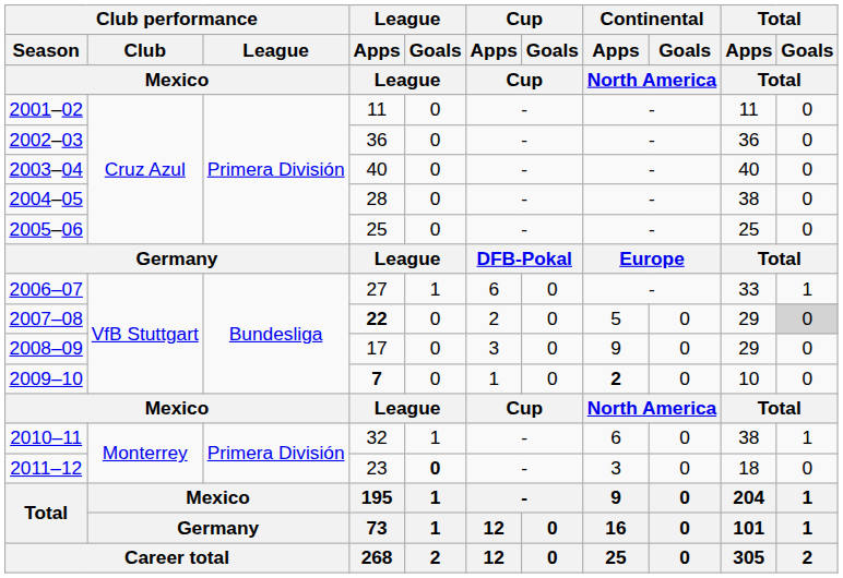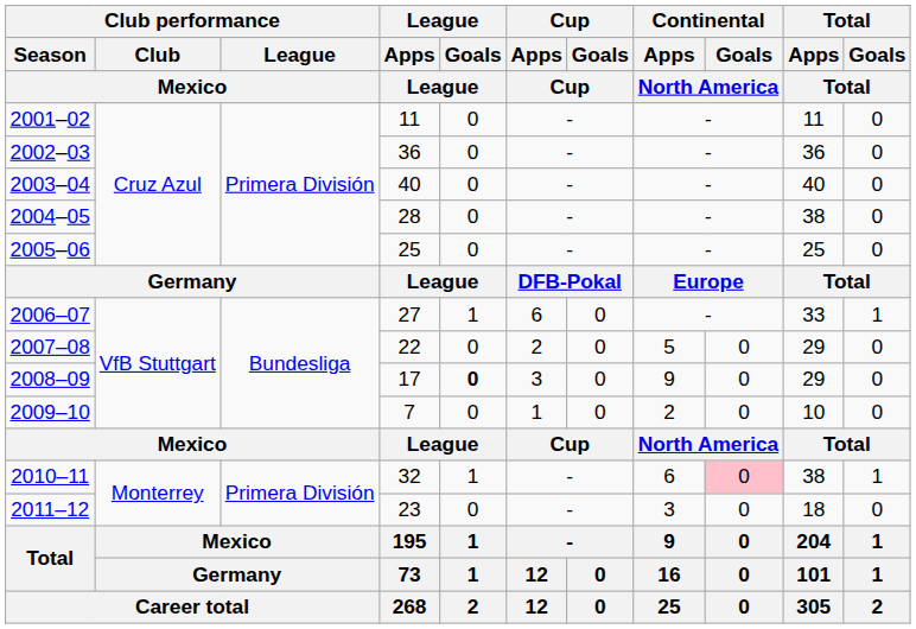 <table class="wikitable" style="text-align:center">
 <tr>
 <th colspan=3>Club performance</th>
 <th colspan=2>League</th>
 <th colspan=2>Cup</th>
 <th colspan=2>Continental</th>
 <th colspan=2>Total</th>
 </tr>
 <tr>
 <th>Season</th>
 <th>Club</th>
 <th>League</th>
 <th>Apps</th>
 <th>Goals</th>
 <th>Apps</th>
 <th>Goals</th>
 <th>Apps</th>
 <th>Goals</th>
 <th>Apps</th>
 <th>Goals</th>
 </tr>
 <tr>
 <th colspan=3>Mexico</th>
 <th colspan=2>League</th>
 <th colspan=2>Cup</th>
 <th colspan=2><a href='#'>North America</a></th>
 <th colspan=2>Total</th>
 </tr>
 <tr>
 <td><a href='#'>2001</a>–<a href='#'>02</a></td>
 <td rowspan="5"><a href='#'>Cruz Azul</a></td>
 <td rowspan="5"><a href='#'>Primera División</a></td>
 <td>11</td>
 <td>0</td>
 <td colspan="2">-</td>
 <td colspan="2">-</td>
 <td>11</td>
 <td>0</td>
 </tr>
 <tr>
 <td><a href='#'>2002</a>–<a href='#'>03</a></td>
 <td>36</td>
 <td>0</td>
 <td colspan="2">-</td>
 <td colspan="2">-</td>
 <td>36</td>
 <td>0</td>
 </tr>
 <tr>
 <td><a href='#'>2003</a>–<a href='#'>04</a></td>
 <td>40</td>
 <td>0</td>
 <td colspan="2">-</td>
 <td colspan="2">-</td>
 <td>40</td>
 <td>0</td>
 </tr>
 <tr>
 <td><a href='#'>2004</a>–<a href='#'>05</a></td>
 <td>28</td>
 <td>0</td>
 <td colspan="2">-</td>
 <td colspan="2">-</td>
 <td>38</td>
 <td>0</td>
 </tr>
 <tr>
 <td><a href='#'>2005</a>–<a href='#'>06</a></td>
 <td>25</td>
 <td>0</td>
 <td colspan="2">-</td>
 <td colspan="2">-</td>
 <td>25</td>
 <td>0</td>
 </tr>
 <tr>
 <th colspan=3>Germany</th>
 <th colspan=2>League</th>
 <th colspan=2><a href='#'>DFB-Pokal</a></th>
 <th colspan=2><a href='#'>Europe</a></th>
 <th colspan=2>Total</th>
 </tr>
 <tr>
 <td><a href='#'>2006–07</a></td>
 <td rowspan="4"><a href='#'>VfB Stuttgart</a></td>
 <td rowspan="4"><a href='#'>Bundesliga</a></td>
 <td>27</td>
 <td>1</td>
 <td>6</td>
 <td>0</td>
 <td colspan="2">-</td>
 <td>33</td>
 <td>1</td>
 </tr>
 <tr>
 <td><a href='#'>2007–08</a></td>
-<td><strong>22</strong></td>
+<td>22</td>
 <td>0</td>
 <td>2</td>
 <td>0</td>
 <td>5</td>
 <td>0</td>
 <td>29</td>
-<td style="background: lightgrey;">0</td>
+<td>0</td>
 </tr>
 <tr>
 <td><a href='#'>2008–09</a></td>
 <td>17</td>
-<td>0</td>
+<td><strong>0</strong></td>
 <td>3</td>
 <td>0</td>
 <td>9</td>
 <td>0</td>
 <td>29</td>
 <td>0</td>
 </tr>
 <tr>
 <td><a href='#'>2009–10</a></td>
-<td><strong>7</strong></td>
+<td>7</td>
 <td>0</td>
 <td>1</td>
 <td>0</td>
-<td><strong>2</strong></td>
+<td>2</td>
 <td>0</td>
 <td>10</td>
 <td>0</td>
 </tr>
 <tr>
 <th colspan=3>Mexico</th>
 <th colspan=2>League</th>
 <th colspan=2>Cup</th>
 <th colspan=2><a href='#'>North America</a></th>
 <th colspan=2>Total</th>
 </tr>
 <tr>
 <td><a href='#'>2010–11</a></td>
 <td rowspan="2"><a href='#'>Monterrey</a></td>
 <td rowspan="2"><a href='#'>Primera División</a></td>
 <td>32</td>
 <td>1</td>
 <td colspan="2">-</td>
 <td>6</td>
-<td>0</td>
+<td style="background: pink;">0</td>
 <td>38</td>
 <td>1</td>
 </tr>
 <tr>
 <td><a href='#'>2011–12</a></td>
 <td>23</td>
-<td><strong>0</strong></td>
+<td>0</td>
 <td colspan="2">-</td>
 <td>3</td>
 <td>0</td>
 <td>18</td>
 <td>0</td>
 </tr>
 <tr>
 <th rowspan=2>Total</th>
 <th colspan=2>Mexico</th>
 <th>195</th>
 <th>1</th>
 <th colspan="2">-</th>
 <th>9</th>
 <th>0</th>
 <th>204</th>
 <th>1</th>
 </tr>
 <tr>
 <th colspan=2>Germany</th>
 <th>73</th>
 <th>1</th>
 <th>12</th>
 <th>0</th>
 <th>16</th>
 <th>0</th>
 <th>101</th>
 <th>1</th>
 </tr>
 <tr>
 <th colspan=3>Career total</th>
 <th>268</th>
 <th>2</th>
 <th>12</th>
 <th>0</th>
 <th>25</th>
 <th>0</th>
 <th>305</th>
 <th>2</th>
 </tr>
 </table>
